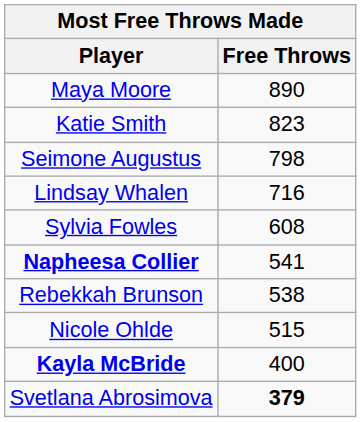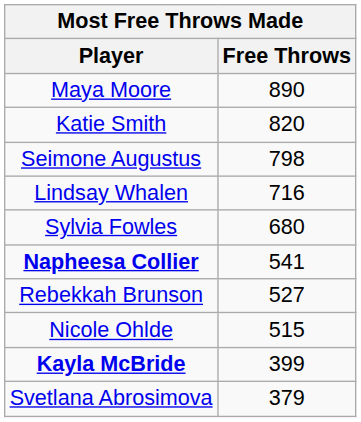 <table class="wikitable sortable" style="text-align:center">
 <tr>
 <th colspan="5">Most Free Throws Made</th>
 </tr>
 <tr>
 <th>Player</th>
 <th>Free Throws</th>
 </tr>
 <tr>
 <td><a href='#'>Maya Moore</a></td>
 <td>890</td>
 </tr>
 <tr>
 <td><a href='#'>Katie Smith</a></td>
-<td>823</td>
+<td>820</td>
 </tr>
 <tr>
 <td><a href='#'>Seimone Augustus</a></td>
 <td>798</td>
 </tr>
 <tr>
 <td><a href='#'>Lindsay Whalen</a></td>
 <td>716</td>
 </tr>
 <tr>
 <td><a href='#'>Sylvia Fowles</a></td>
-<td>608</td>
+<td>680</td>
 </tr>
 <tr>
 <td><strong><a href='#'>Napheesa Collier</a></strong></td>
 <td>541</td>
 </tr>
 <tr>
 <td><a href='#'>Rebekkah Brunson</a></td>
-<td>538</td>
+<td>527</td>
 </tr>
 <tr>
 <td><a href='#'>Nicole Ohlde</a></td>
 <td>515</td>
 </tr>
 <tr>
 <td><strong><a href='#'>Kayla McBride</a></strong></td>
-<td>400</td>
+<td>399</td>
 </tr>
 <tr>
 <td><a href='#'>Svetlana Abrosimova</a></td>
-<td><strong>379</strong></td>
+<td>379</td>
 </tr>
 </table>
